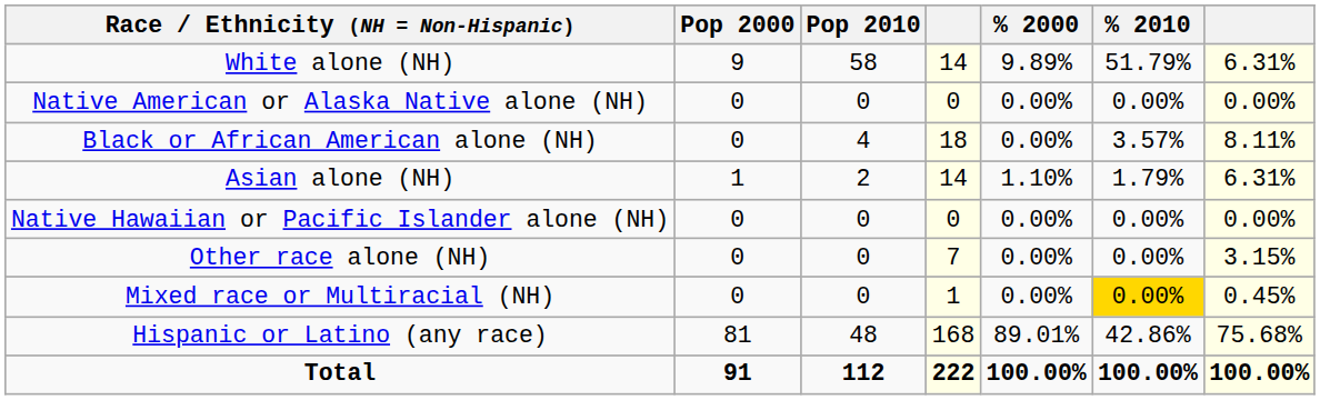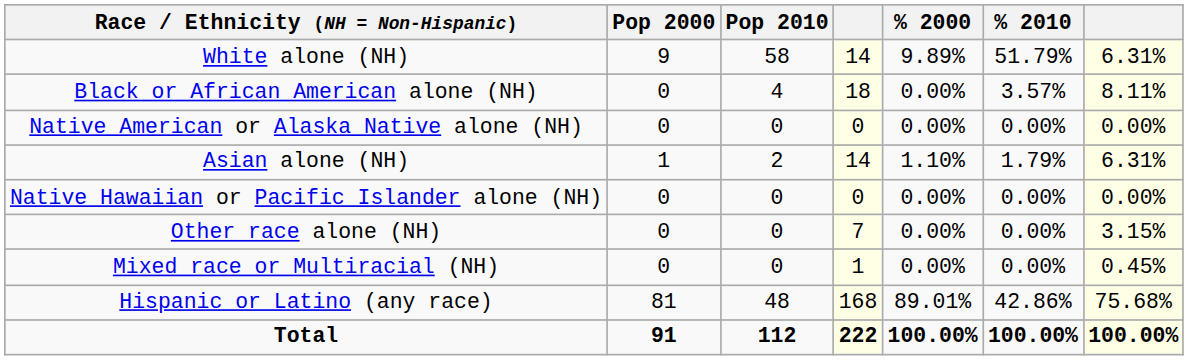 <table class="wikitable" style="text-align:center;">
 <tr>
 <th>Race / Ethnicity <small>(<em>NH = Non-Hispanic</em>)</small></th>
 <th>Pop 2000</th>
 <th>Pop 2010</th>
 <th></th>
 <th>% 2000</th>
 <th>% 2010</th>
 <th></th>
 </tr>
 <tr>
 <td><a href='#'>White</a> alone (NH)</td>
 <td>9</td>
 <td>58</td>
 <td style='background: #ffffe6;'>14</td>
 <td>9.89%</td>
 <td>51.79%</td>
 <td style='background: #ffffe6;'>6.31%</td>
 </tr>
 <tr>
+<td><a href='#'>Black or African American</a> alone (NH)</td>
+<td>0</td>
+<td>4</td>
+<td style='background: #ffffe6;'>18</td>
+<td>0.00%</td>
+<td>3.57%</td>
+<td style='background: #ffffe6;'>8.11%</td>
+</tr>
+<tr>
 <td><a href='#'>Native American</a> or <a href='#'>Alaska Native</a> alone (NH)</td>
 <td>0</td>
 <td>0</td>
 <td style='background: #ffffe6;'>0</td>
 <td>0.00%</td>
 <td>0.00%</td>
 <td style='background: #ffffe6;'>0.00%</td>
-</tr>
-<tr>
-<td><a href='#'>Black or African American</a> alone (NH)</td>
-<td>0</td>
-<td>4</td>
-<td style='background: #ffffe6;'>18</td>
-<td>0.00%</td>
-<td>3.57%</td>
-<td style='background: #ffffe6;'>8.11%</td>
 </tr>
 <tr>
 <td><a href='#'>Asian</a> alone (NH)</td>
 <td>1</td>
 <td>2</td>
 <td style='background: #ffffe6;'>14</td>
 <td>1.10%</td>
 <td>1.79%</td>
 <td style='background: #ffffe6;'>6.31%</td>
 </tr>
 <tr>
 <td><a href='#'>Native Hawaiian</a> or <a href='#'>Pacific Islander</a> alone (NH)</td>
 <td>0</td>
 <td>0</td>
 <td style='background: #ffffe6;'>0</td>
 <td>0.00%</td>
 <td>0.00%</td>
 <td style='background: #ffffe6;'>0.00%</td>
 </tr>
 <tr>
 <td><a href='#'>Other race</a> alone (NH)</td>
 <td>0</td>
 <td>0</td>
 <td style='background: #ffffe6;'>7</td>
 <td>0.00%</td>
 <td>0.00%</td>
 <td style='background: #ffffe6;'>3.15%</td>
 </tr>
 <tr>
 <td><a href='#'>Mixed race or Multiracial</a> (NH)</td>
 <td>0</td>
 <td>0</td>
 <td style='background: #ffffe6;'>1</td>
 <td>0.00%</td>
-<td style="background: gold;">0.00%</td>
+<td>0.00%</td>
 <td style='background: #ffffe6;'>0.45%</td>
 </tr>
 <tr>
 <td><a href='#'>Hispanic or Latino</a> (any race)</td>
 <td>81</td>
 <td>48</td>
 <td style='background: #ffffe6;'>168</td>
 <td>89.01%</td>
 <td>42.86%</td>
 <td style='background: #ffffe6;'>75.68%</td>
 </tr>
 <tr>
 <td><strong>Total</strong></td>
 <td><strong>91</strong></td>
 <td><strong>112</strong></td>
 <td style='background: #ffffe6;'><strong>222</strong></td>
 <td><strong>100.00%</strong></td>
 <td><strong>100.00%</strong></td>
 <td style='background: #ffffe6;'><strong>100.00%</strong></td>
 </tr>
 </table>
